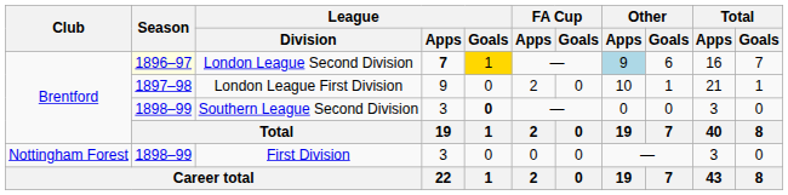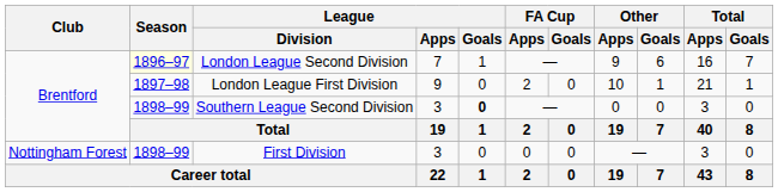 <table class="wikitable" style="text-align: center;">
 <tr>
 <th rowspan="2">Club</th>
 <th rowspan="2">Season</th>
 <th colspan="3">League</th>
 <th colspan="2">FA Cup</th>
 <th colspan="2">Other</th>
 <th colspan="2">Total</th>
 </tr>
 <tr>
 <th>Division</th>
 <th>Apps</th>
 <th>Goals</th>
 <th>Apps</th>
 <th>Goals</th>
 <th>Apps</th>
 <th>Goals</th>
 <th>Apps</th>
 <th>Goals</th>
 </tr>
 <tr>
 <td rowspan="4"><a href='#'>Brentford</a></td>
 <td style="background: lightyellow;"><a href='#'>1896–97</a></td>
 <td><a href='#'>London League</a> Second Division</td>
-<td><strong>7</strong></td>
-<td style="background: gold;">1</td>
+<td>7</td>
+<td>1</td>
 <td colspan="2">—</td>
-<td style="background: lightblue;">9</td>
+<td>9</td>
 <td>6</td>
 <td>16</td>
 <td>7</td>
 </tr>
 <tr>
 <td><a href='#'>1897–98</a></td>
 <td>London League First Division</td>
 <td>9</td>
 <td>0</td>
 <td>2</td>
 <td>0</td>
 <td>10</td>
 <td>1</td>
 <td>21</td>
 <td>1</td>
 </tr>
 <tr>
 <td><a href='#'>1898–99</a></td>
 <td><a href='#'>Southern League</a> Second Division</td>
 <td>3</td>
 <td><strong>0</strong></td>
 <td colspan="2">—</td>
 <td>0</td>
 <td>0</td>
 <td>3</td>
 <td>0</td>
 </tr>
 <tr>
 <th colspan="2">Total</th>
 <th>19</th>
 <th>1</th>
 <th>2</th>
 <th>0</th>
 <th>19</th>
 <th>7</th>
 <th>40</th>
 <th>8</th>
 </tr>
 <tr>
 <td><a href='#'>Nottingham Forest</a></td>
 <td><a href='#'>1898–99</a></td>
 <td><a href='#'>First Division</a></td>
 <td>3</td>
 <td>0</td>
 <td>0</td>
 <td>0</td>
 <td colspan="2">—</td>
 <td>3</td>
 <td>0</td>
 </tr>
 <tr>
 <th colspan="3">Career total</th>
 <th>22</th>
 <th>1</th>
 <th>2</th>
 <th>0</th>
 <th>19</th>
 <th>7</th>
 <th>43</th>
 <th>8</th>
 </tr>
 </table>
